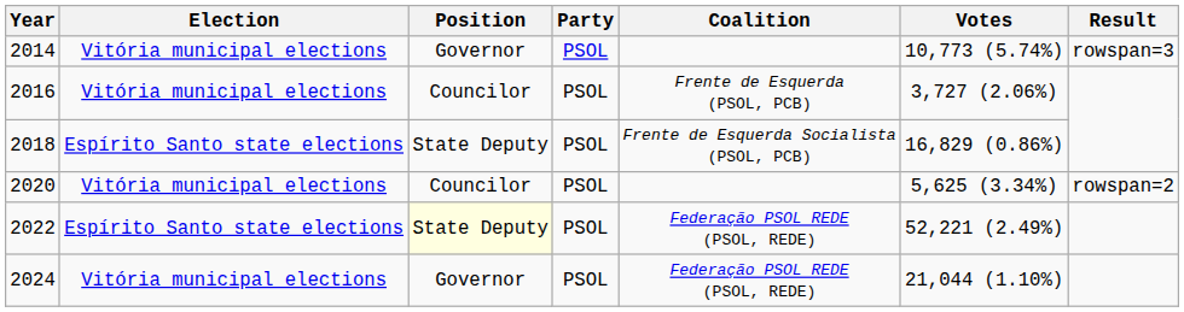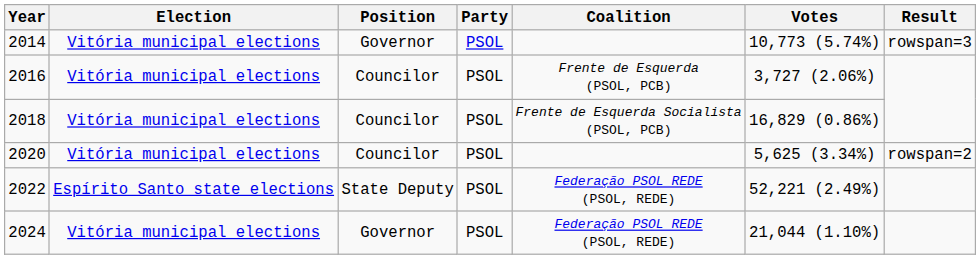 <table class="wikitable" style="text-align:center">
 <tr>
 <th>Year</th>
 <th>Election</th>
 <th>Position</th>
 <th>Party</th>
 <th>Coalition</th>
 <th>Votes</th>
 <th>Result</th>
 </tr>
 <tr>
 <td>2014</td>
 <td><a href='#'>Vitória municipal elections</a></td>
 <td>Governor</td>
 <td><a href='#'>PSOL</a></td>
 <td></td>
 <td>10,773 (5.74%)</td>
 <td>rowspan=3 </td>
 </tr>
 <tr>
 <td>2016</td>
 <td><a href='#'>Vitória municipal elections</a></td>
 <td>Councilor</td>
 <td>PSOL</td>
 <td><small><em>Frente de Esquerda</em><br>(PSOL, PCB)</small></td>
 <td>3,727 (2.06%)</td>
 </tr>
 <tr>
 <td>2018</td>
-<td><a href='#'>Espírito Santo state elections</a></td>
-<td>State Deputy</td>
+<td><a href='#'>Vitória municipal elections</a></td>
+<td>Councilor</td>
 <td>PSOL</td>
 <td><small><em>Frente de Esquerda Socialista</em><br>(PSOL, PCB)</small></td>
 <td>16,829 (0.86%)</td>
 </tr>
 <tr>
 <td>2020</td>
 <td><a href='#'>Vitória municipal elections</a></td>
 <td>Councilor</td>
 <td>PSOL</td>
 <td></td>
 <td>5,625 (3.34%)</td>
 <td>rowspan=2 </td>
 </tr>
 <tr>
 <td>2022</td>
 <td><a href='#'>Espírito Santo state elections</a></td>
-<td style="background: lightyellow;">State Deputy</td>
+<td>State Deputy</td>
 <td>PSOL</td>
 <td><small><em><a href='#'>Federação PSOL REDE</a></em><br>(PSOL, REDE)</small></td>
 <td>52,221 (2.49%)</td>
 </tr>
 <tr>
 <td>2024</td>
 <td><a href='#'>Vitória municipal elections</a></td>
 <td>Governor</td>
 <td>PSOL</td>
 <td><small><em><a href='#'>Federação PSOL REDE</a></em><br>(PSOL, REDE)</small></td>
 <td>21,044 (1.10%)</td>
 <td></td>
 </tr>
 </table>
